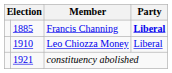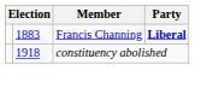 <table class="wikitable">
 <tr>
 <th colspan="2">Election</th>
 <th>Member</th>
 <th>Party</th>
 </tr>
 <tr>
 <td style="color:inherit;background-color: "></td>
-<td><a href='#'>1885</a></td>
+<td><a href='#'>1883</a></td>
 <td><a href='#'>Francis Channing</a></td>
 <td><strong><a href='#'>Liberal</a></strong></td>
 </tr>
 <tr>
-<td style="color:inherit;background-color: "></td>
-<td><a href='#'>1910</a></td>
-<td><a href='#'>Leo Chiozza Money</a></td>
-<td><a href='#'>Liberal</a></td>
-</tr>
-<tr>
 <td></td>
-<td><a href='#'>1921</a></td>
+<td><a href='#'>1918</a></td>
 <td colspan="2"><em>constituency abolished</em></td>
 </tr>
 </table>
